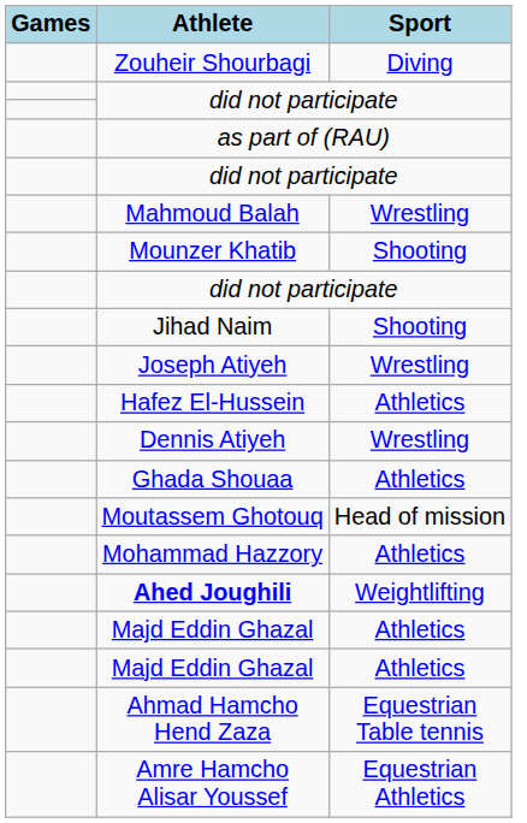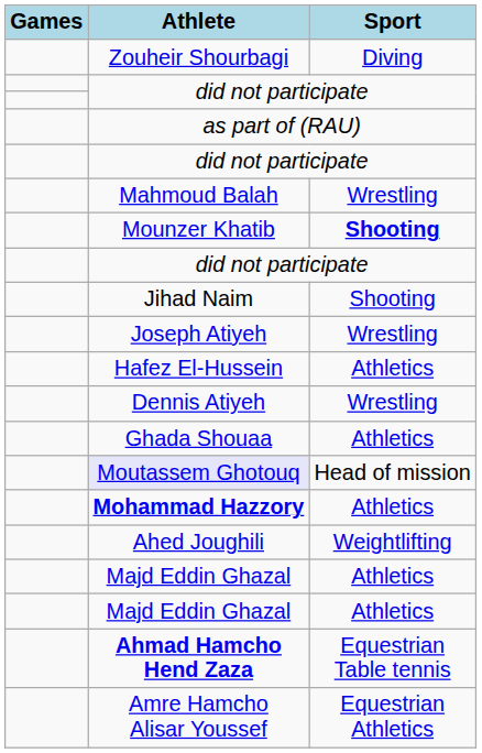 <table class="wikitable" style="text-align:center">
 <tr>
 <th style="background-color:lightblue">Games</th>
 <th style="background-color:lightblue">Athlete</th>
 <th style="background-color:lightblue">Sport</th>
 </tr>
 <tr>
 <td align=left></td>
 <td><a href='#'>Zouheir Shourbagi</a></td>
 <td><a href='#'>Diving</a></td>
 </tr>
 <tr>
 <td align=left></td>
 <td colspan=6; rowspan=2><em>did not participate</em></td>
 </tr>
 <tr>
 <td align=left></td>
 </tr>
 <tr>
 <td align=left></td>
 <td colspan=6><em>as part of  (RAU)</em></td>
 </tr>
 <tr>
 <td align=left></td>
 <td colspan=6;><em>did not participate</em></td>
 </tr>
 <tr>
 <td align=left></td>
 <td><a href='#'>Mahmoud Balah</a></td>
 <td><a href='#'>Wrestling</a></td>
 </tr>
 <tr>
 <td align=left></td>
 <td><a href='#'>Mounzer Khatib</a></td>
-<td><a href='#'>Shooting</a></td>
+<td><strong><a href='#'>Shooting</a></strong></td>
 </tr>
 <tr>
 <td align=left></td>
 <td colspan=6;><em>did not participate</em></td>
 </tr>
 <tr>
 <td align=left></td>
 <td>Jihad Naim</td>
 <td><a href='#'>Shooting</a></td>
 </tr>
 <tr>
 <td align=left></td>
 <td><a href='#'>Joseph Atiyeh</a></td>
 <td><a href='#'>Wrestling</a></td>
 </tr>
 <tr>
 <td align=left></td>
 <td><a href='#'>Hafez El-Hussein</a></td>
 <td><a href='#'>Athletics</a></td>
 </tr>
 <tr>
 <td align=left></td>
 <td><a href='#'>Dennis Atiyeh</a></td>
 <td><a href='#'>Wrestling</a></td>
 </tr>
 <tr>
 <td align=left></td>
 <td><a href='#'>Ghada Shouaa</a></td>
 <td><a href='#'>Athletics</a></td>
 </tr>
 <tr>
 <td align=left></td>
-<td><a href='#'>Moutassem Ghotouq</a></td>
+<td style="background: lavender;"><a href='#'>Moutassem Ghotouq</a></td>
 <td>Head of mission</td>
 </tr>
 <tr>
 <td align=left></td>
-<td><a href='#'>Mohammad Hazzory</a></td>
+<td><strong><a href='#'>Mohammad Hazzory</a></strong></td>
 <td><a href='#'>Athletics</a></td>
 </tr>
 <tr>
 <td align=left></td>
-<td><strong><a href='#'>Ahed Joughili</a></strong></td>
+<td><a href='#'>Ahed Joughili</a></td>
 <td><a href='#'>Weightlifting</a></td>
 </tr>
 <tr>
 <td align=left></td>
 <td><a href='#'>Majd Eddin Ghazal</a></td>
 <td><a href='#'>Athletics</a></td>
 </tr>
 <tr>
 <td align=left></td>
 <td><a href='#'>Majd Eddin Ghazal</a></td>
 <td><a href='#'>Athletics</a></td>
 </tr>
 <tr>
 <td align=left></td>
-<td><a href='#'>Ahmad Hamcho</a><br><a href='#'>Hend Zaza</a></td>
+<td><strong><a href='#'>Ahmad Hamcho</a><br><a href='#'>Hend Zaza</a></strong></td>
 <td><a href='#'>Equestrian</a><br><a href='#'>Table tennis</a></td>
 </tr>
 <tr>
 <td align=left></td>
 <td><a href='#'>Amre Hamcho</a><br><a href='#'>Alisar Youssef</a></td>
 <td><a href='#'>Equestrian</a><br><a href='#'>Athletics</a></td>
 </tr>
 </table>
